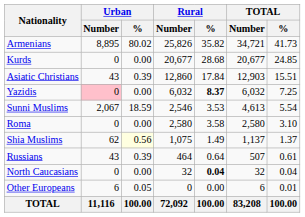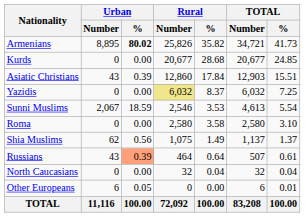 <table class="wikitable sortable">
 <tr>
 <th rowspan="2">Nationality</th>
 <th colspan="2"><a href='#'>Urban</a></th>
 <th colspan="2"><a href='#'>Rural</a></th>
 <th colspan="2">TOTAL</th>
 </tr>
 <tr>
 <th>Number</th>
 <th>%</th>
 <th>Number</th>
 <th>%</th>
 <th>Number</th>
 <th>%</th>
 </tr>
 <tr>
 <td><a href='#'>Armenians</a></td>
 <td align="right">8,895</td>
-<td align="right">80.02</td>
+<td align="right"><strong>80.02</strong></td>
 <td align="right">25,826</td>
 <td align="right">35.82</td>
 <td align="right">34,721</td>
 <td align="right">41.73</td>
 </tr>
 <tr>
 <td><a href='#'>Kurds</a></td>
 <td align="right">0</td>
 <td align="right">0.00</td>
 <td align="right">20,677</td>
 <td align="right">28.68</td>
 <td align="right">20,677</td>
 <td align="right">24.85</td>
 </tr>
 <tr>
 <td><a href='#'>Asiatic Christians</a></td>
 <td align="right">43</td>
 <td align="right">0.39</td>
 <td align="right">12,860</td>
 <td align="right">17.84</td>
 <td align="right">12,903</td>
 <td align="right">15.51</td>
 </tr>
 <tr>
 <td><a href='#'>Yazidis</a></td>
-<td align="right" style="background: pink;">0</td>
+<td align="right">0</td>
 <td align="right">0.00</td>
-<td align="right">6,032</td>
-<td align="right"><strong>8.37</strong></td>
+<td align="right" style="background: khaki;">6,032</td>
+<td align="right">8.37</td>
 <td align="right">6,032</td>
 <td align="right">7.25</td>
 </tr>
 <tr>
 <td><a href='#'>Sunni Muslims</a></td>
 <td align="right">2,067</td>
 <td align="right">18.59</td>
 <td align="right">2,546</td>
 <td align="right">3.53</td>
 <td align="right">4,613</td>
 <td align="right">5.54</td>
 </tr>
 <tr>
 <td><a href='#'>Roma</a></td>
 <td align="right">0</td>
 <td align="right">0.00</td>
 <td align="right">2,580</td>
 <td align="right">3.58</td>
 <td align="right">2,580</td>
 <td align="right">3.10</td>
 </tr>
 <tr>
 <td><a href='#'>Shia Muslims</a></td>
 <td align="right">62</td>
-<td align="right" style="background: lightyellow;">0.56</td>
+<td align="right">0.56</td>
 <td align="right">1,075</td>
 <td align="right">1.49</td>
 <td align="right">1,137</td>
 <td align="right">1.37</td>
 </tr>
 <tr>
 <td><a href='#'>Russians</a></td>
 <td align="right">43</td>
-<td align="right">0.39</td>
+<td align="right" style="background: lightsalmon;">0.39</td>
 <td align="right">464</td>
 <td align="right">0.64</td>
 <td align="right">507</td>
 <td align="right">0.61</td>
 </tr>
 <tr>
 <td><a href='#'>North Caucasians</a></td>
 <td align="right">0</td>
 <td align="right">0.00</td>
 <td align="right">32</td>
-<td align="right"><strong>0.04</strong></td>
+<td align="right">0.04</td>
 <td align="right">32</td>
 <td align="right">0.04</td>
 </tr>
 <tr>
 <td><a href='#'>Other Europeans</a></td>
 <td align="right">6</td>
 <td align="right">0.05</td>
 <td align="right">0</td>
 <td align="right">0.00</td>
 <td align="right">6</td>
 <td align="right">0.01</td>
 </tr>
 <tr>
 <th>TOTAL</th>
 <th>11,116</th>
 <th>100.00</th>
 <th>72,092</th>
 <th>100.00</th>
 <th>83,208</th>
 <th>100.00</th>
 </tr>
 </table>
